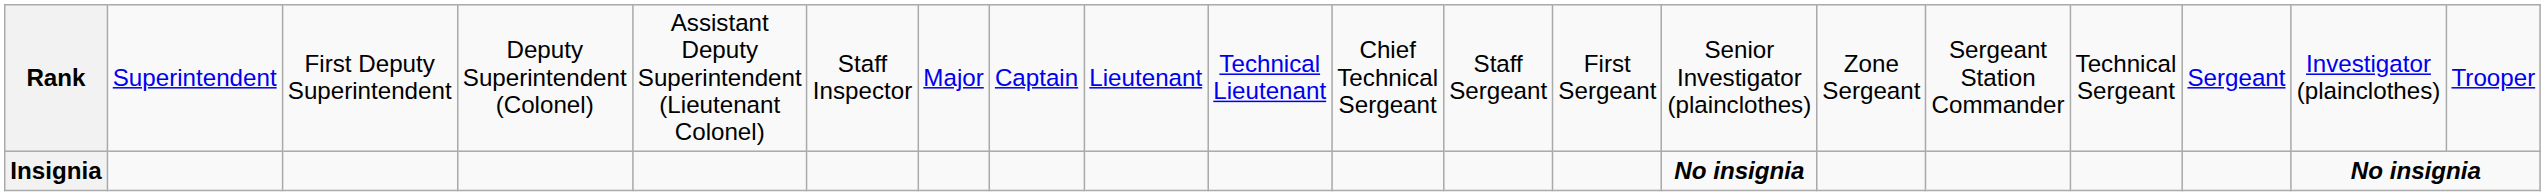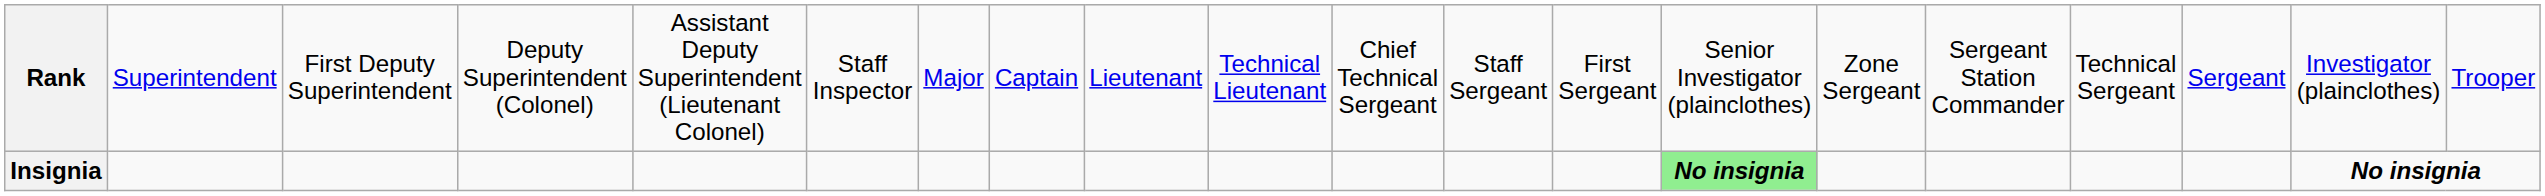 <table class="wikitable">
 <tr style="text-align:center;">
 <th>Rank</th>
 <td><a href='#'>Superintendent</a></td>
 <td>First Deputy Superintendent</td>
 <td>Deputy Superintendent (Colonel)</td>
 <td>Assistant Deputy Superintendent (Lieutenant Colonel)</td>
 <td>Staff Inspector</td>
 <td><a href='#'>Major</a></td>
 <td><a href='#'>Captain</a></td>
 <td><a href='#'>Lieutenant</a></td>
 <td><a href='#'>Technical Lieutenant</a></td>
 <td>Chief Technical Sergeant</td>
 <td>Staff Sergeant</td>
 <td>First Sergeant</td>
 <td>Senior Investigator (plainclothes)</td>
 <td>Zone Sergeant</td>
 <td>Sergeant Station Commander</td>
 <td>Technical Sergeant</td>
 <td><a href='#'>Sergeant</a></td>
 <td><a href='#'>Investigator</a> (plainclothes)</td>
 <td><a href='#'>Trooper</a></td>
 </tr>
 <tr style="text-align:center;">
 <th>Insignia</th>
 <td></td>
 <td></td>
 <td></td>
 <td></td>
 <td></td>
 <td></td>
 <td></td>
 <td></td>
 <td></td>
 <td></td>
 <td></td>
 <td></td>
-<td><strong><em>No insignia</em></strong></td>
+<td style="background: lightgreen;"><strong><em>No insignia</em></strong></td>
 <td></td>
 <td></td>
 <td></td>
 <td></td>
 <td colspan=2><strong><em>No insignia</em></strong></td>
 </tr>
 </table>
